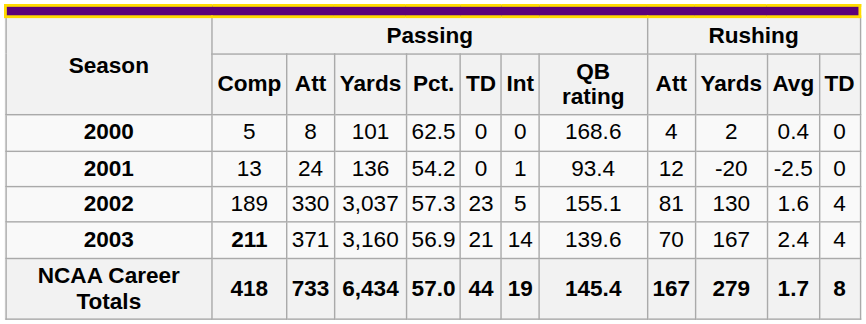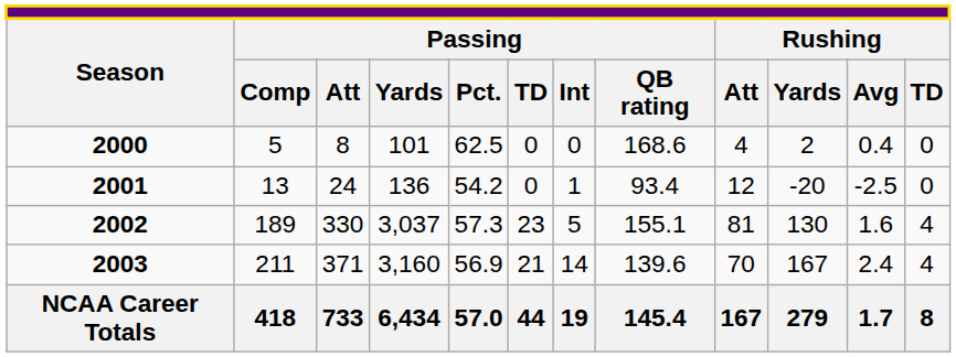 <table class=wikitable style="text-align:center;">
 <tr>
 <td ! colspan="12" style="background: #5B027A; border: 2px solid #FFDB00; color:#FFDB00;"></td>
 </tr>
 <tr>
 <th rowspan=2>Season</th>
 <th colspan=7>Passing</th>
 <th colspan=4>Rushing</th>
 </tr>
 <tr>
 <th>Comp</th>
 <th>Att</th>
 <th>Yards</th>
 <th>Pct.</th>
 <th>TD</th>
 <th>Int</th>
 <th>QB rating</th>
 <th>Att</th>
 <th>Yards</th>
 <th>Avg</th>
 <th>TD</th>
 </tr>
 <tr>
 <td><strong>2000</strong></td>
 <td>5</td>
 <td>8</td>
 <td>101</td>
 <td>62.5</td>
 <td>0</td>
 <td>0</td>
 <td>168.6</td>
 <td>4</td>
 <td>2</td>
 <td>0.4</td>
 <td>0</td>
 </tr>
 <tr>
 <td><strong>2001</strong></td>
 <td>13</td>
 <td>24</td>
 <td>136</td>
 <td>54.2</td>
 <td>0</td>
 <td>1</td>
 <td>93.4</td>
 <td>12</td>
 <td>-20</td>
 <td>-2.5</td>
 <td>0</td>
 </tr>
 <tr>
 <td><strong>2002</strong></td>
 <td>189</td>
 <td>330</td>
 <td>3,037</td>
 <td>57.3</td>
 <td>23</td>
 <td>5</td>
 <td>155.1</td>
 <td>81</td>
 <td>130</td>
 <td>1.6</td>
 <td>4</td>
 </tr>
 <tr>
 <td><strong>2003</strong></td>
-<td><strong>211</strong></td>
+<td>211</td>
 <td>371</td>
 <td>3,160</td>
 <td>56.9</td>
 <td>21</td>
 <td>14</td>
 <td>139.6</td>
 <td>70</td>
 <td>167</td>
 <td>2.4</td>
 <td>4</td>
 </tr>
 <tr>
 <th>NCAA Career Totals</th>
 <th>418</th>
 <th>733</th>
 <th>6,434</th>
 <th>57.0</th>
 <th>44</th>
 <th>19</th>
 <th>145.4</th>
 <th>167</th>
 <th>279</th>
 <th>1.7</th>
 <th>8</th>
 </tr>
 </table>
